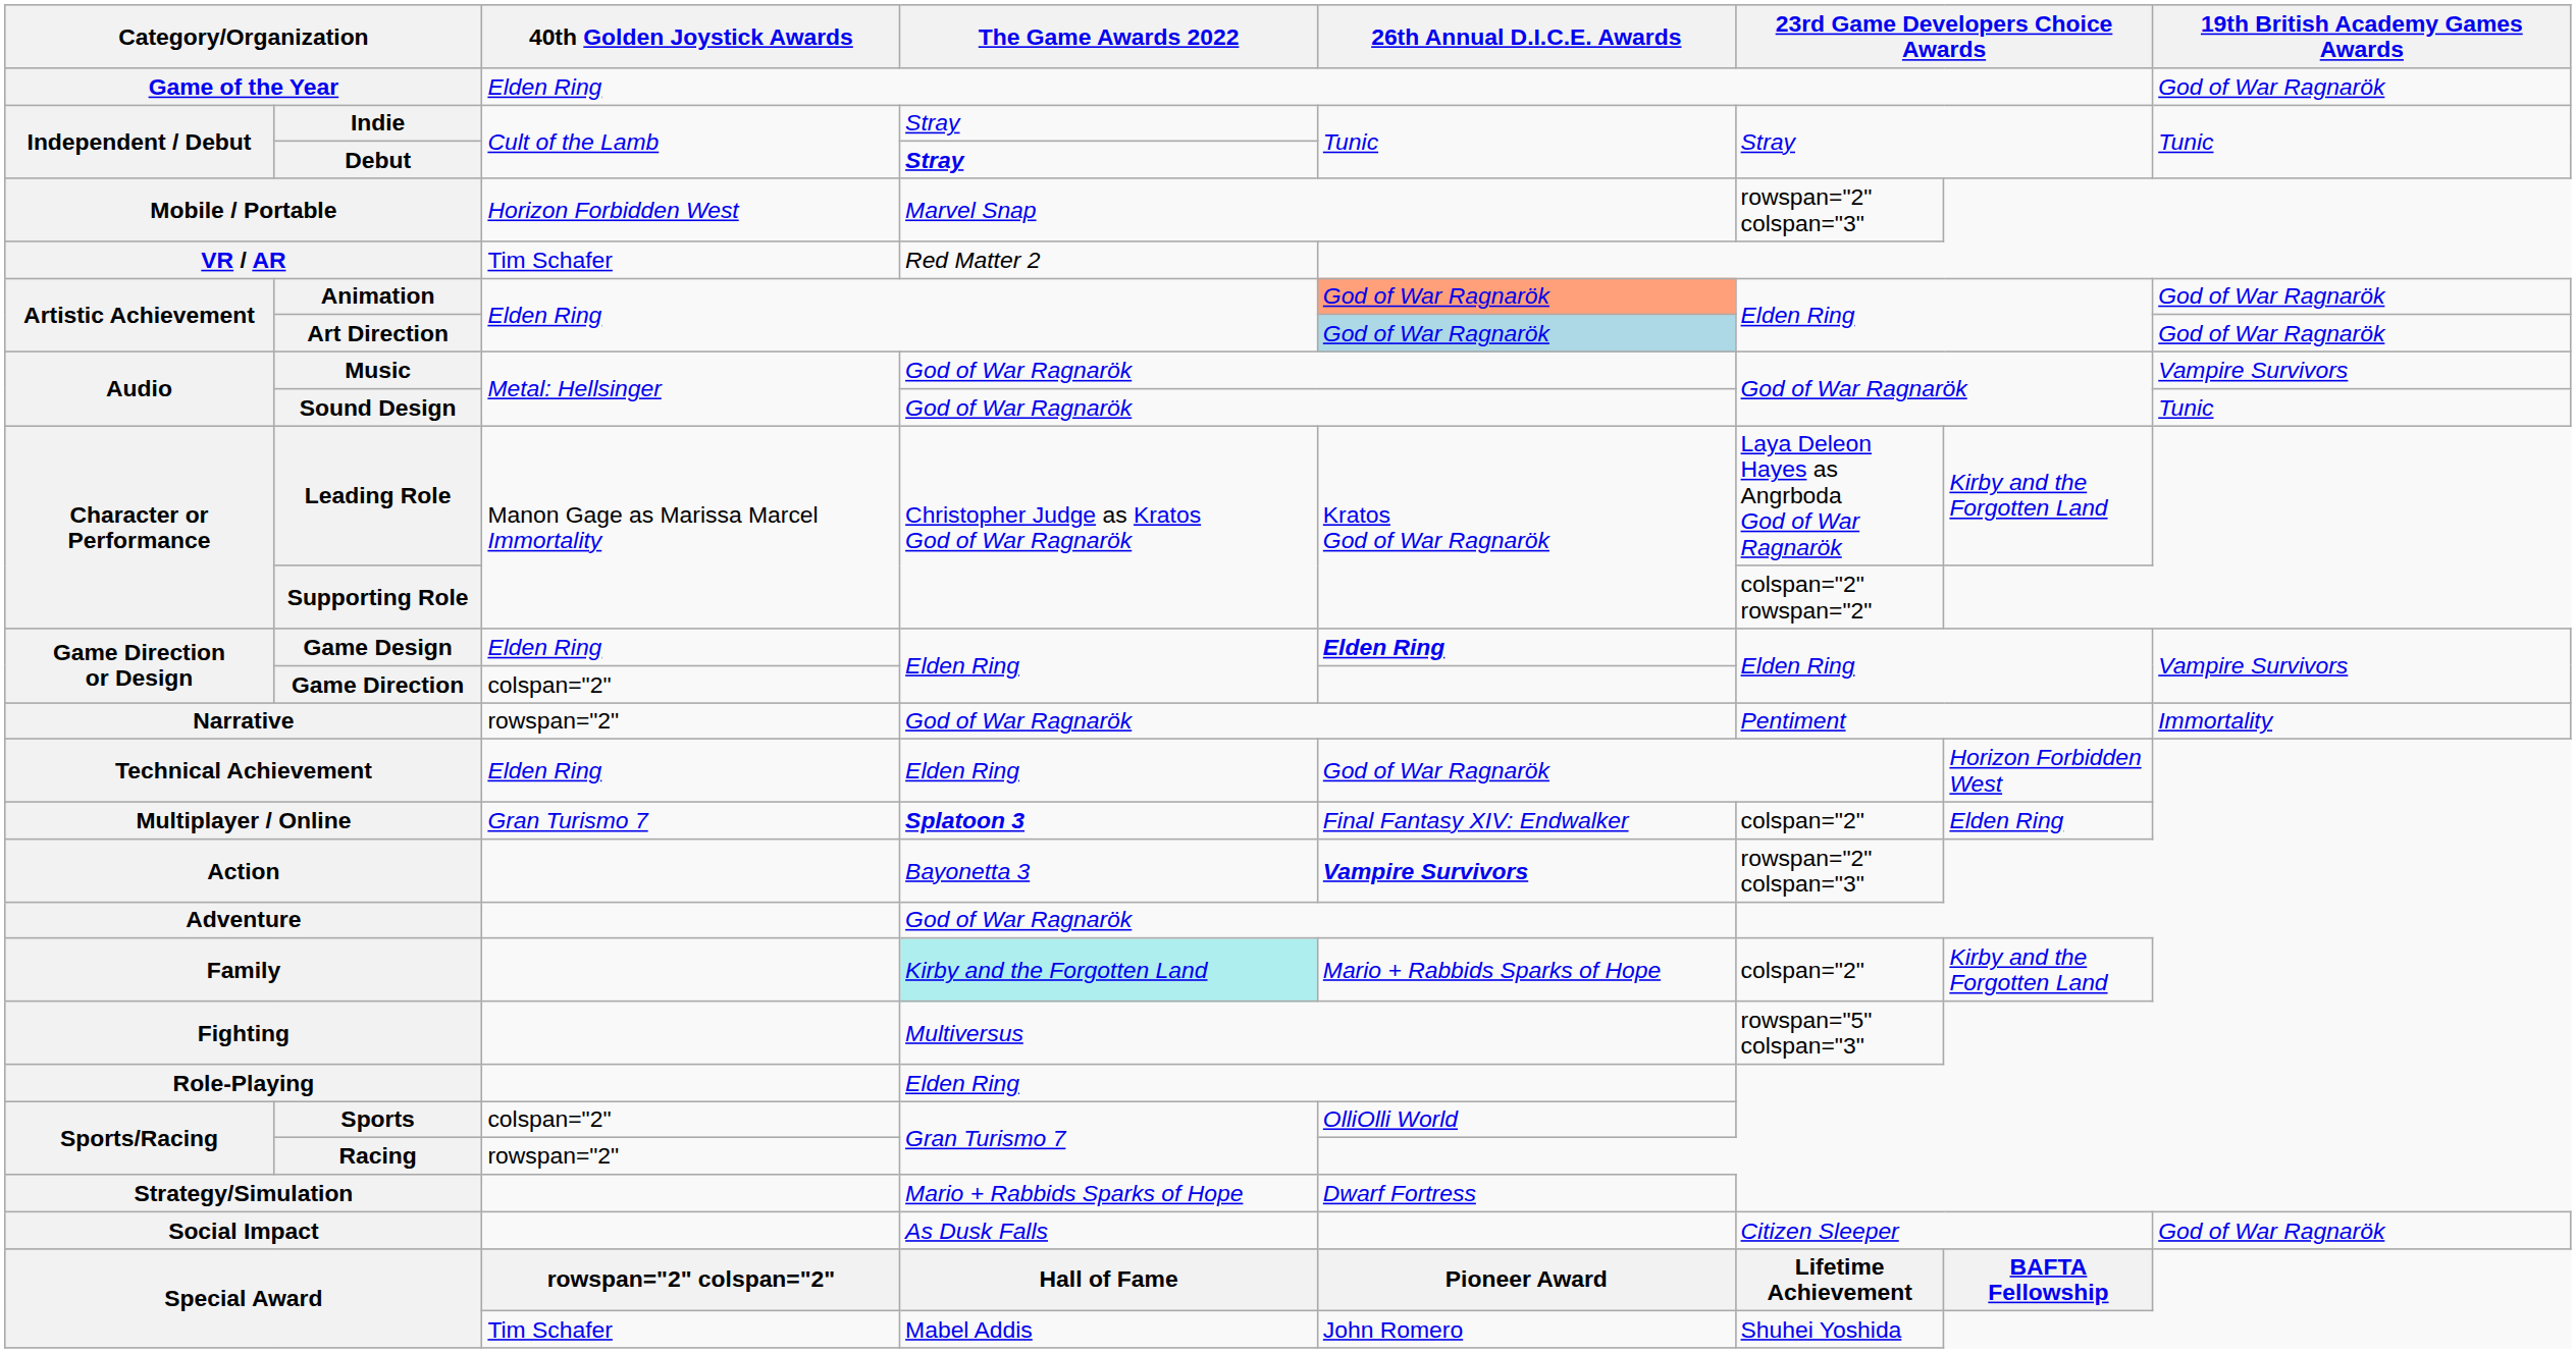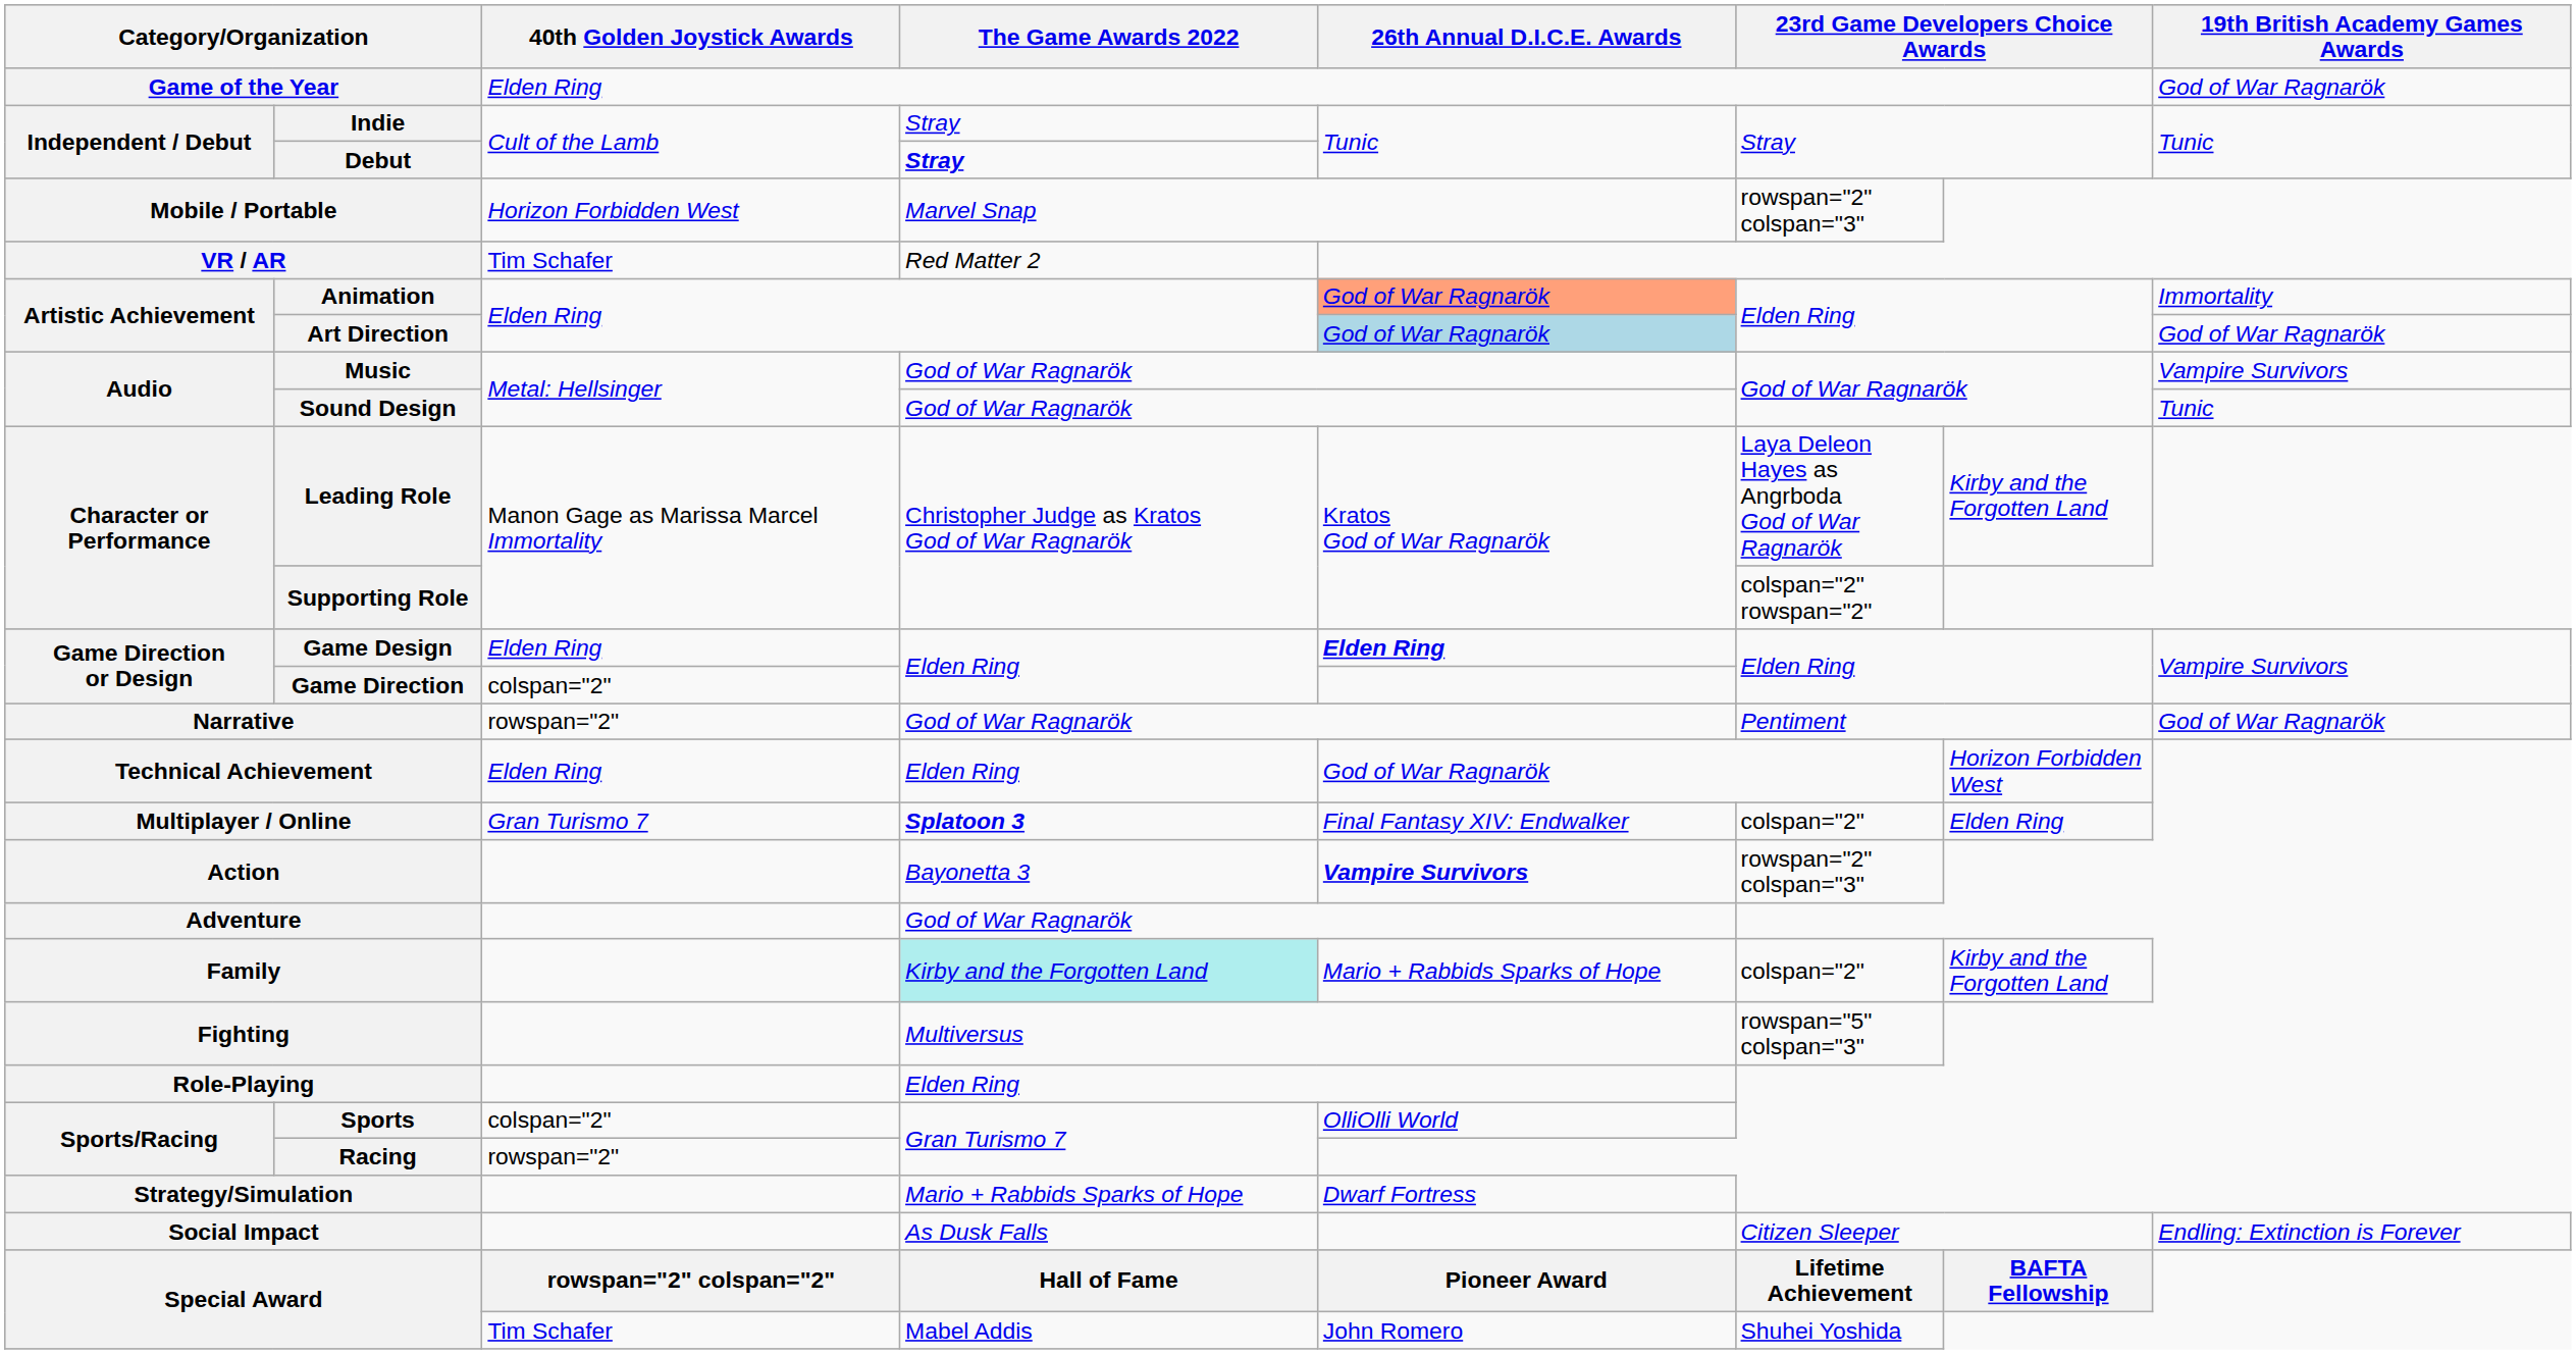 <table class="wikitable" style="border:none; margin:0; width:100%; font-size: 90%;">
 <tr>
 <th colspan="2" style="width:16%;">Category/Organization</th>
 <th ! style="width:14%;">40th <a href='#'>Golden Joystick Awards</a><br></th>
 <th style="width:14%;"><a href='#'>The Game Awards 2022</a><br></th>
 <th ! style="width:14%;"><a href='#'>26th Annual D.I.C.E. Awards</a><br></th>
 <th ! colspan="2" style="width:14%;"><a href='#'>23rd Game Developers Choice Awards</a><br></th>
 <th ! style="width:14%;"><a href='#'>19th British Academy Games Awards</a><br></th>
 </tr>
 <tr>
 <th scope="row" colspan="2"><a href='#'>Game of the Year</a></th>
 <td colspan="5"><em><a href='#'>Elden Ring</a></em></td>
 <td><em><a href='#'>God of War Ragnarök</a></em></td>
 </tr>
 <tr>
 <th scope="row"  rowspan="2" style="width:9%;">Independent / Debut</th>
 <th>Indie</th>
 <td rowspan="2"><em><a href='#'>Cult of the Lamb</a></em></td>
 <td><em><a href='#'>Stray</a></em></td>
 <td rowspan="2"><em><a href='#'>Tunic</a></em></td>
 <td rowspan="2" colspan="2"><em><a href='#'>Stray</a></em></td>
 <td rowspan="2"><em><a href='#'>Tunic</a></em></td>
 </tr>
 <tr>
 <th scope="row">Debut</th>
 <td><strong><em><a href='#'>Stray</a></em></strong></td>
 </tr>
 <tr>
 <th scope="row" colspan="2">Mobile / Portable</th>
 <td><em><a href='#'>Horizon Forbidden West</a></em></td>
 <td colspan="2"><em><a href='#'>Marvel Snap</a></em></td>
 <td>rowspan="2" colspan="3" </td>
 </tr>
 <tr>
 <th scope="row" colspan="2"><a href='#'>VR</a> / <a href='#'>AR</a></th>
 <td><a href='#'>Tim Schafer</a></td>
 <td><em>Red Matter 2</em></td>
 </tr>
 <tr>
 <th scope="row" rowspan="2" style="width:9%;">Artistic Achievement</th>
 <th>Animation</th>
 <td rowspan="2" colspan="2"><em><a href='#'>Elden Ring</a></em></td>
 <td style="background: lightsalmon;"><em><a href='#'>God of War Ragnarök</a></em></td>
 <td rowspan="2" colspan="2"><em><a href='#'>Elden Ring</a></em></td>
-<td><em><a href='#'>God of War Ragnarök</a></em></td>
+<td><em><a href='#'>Immortality</a></em></td>
 </tr>
 <tr>
 <th scope="row">Art Direction</th>
 <td style="background: lightblue;"><em><a href='#'>God of War Ragnarök</a></em></td>
 <td><em><a href='#'>God of War Ragnarök</a></em></td>
 </tr>
 <tr>
 <th scope="row" rowspan="2" style="width:9%;">Audio</th>
 <th>Music</th>
 <td rowspan="2"><em><a href='#'>Metal: Hellsinger</a></em></td>
 <td colspan="2"><em><a href='#'>God of War Ragnarök</a></em></td>
 <td rowspan="2" colspan="2"><em><a href='#'>God of War Ragnarök</a></em></td>
 <td><em><a href='#'>Vampire Survivors</a></em></td>
 </tr>
 <tr>
 <th scope="row">Sound Design</th>
 <td colspan="2"><em><a href='#'>God of War Ragnarök</a></em></td>
 <td><em><a href='#'>Tunic</a></em></td>
 </tr>
 <tr>
 <th scope="row" rowspan="2">Character or Performance</th>
 <th>Leading Role</th>
 <td rowspan="2">Manon Gage as Marissa Marcel<br><em><a href='#'>Immortality</a></em></td>
 <td rowspan="2"><a href='#'>Christopher Judge</a> as <a href='#'>Kratos</a><br><em><a href='#'>God of War Ragnarök</a></em></td>
 <td rowspan="2"><a href='#'>Kratos</a><br><em><a href='#'>God of War Ragnarök</a></em></td>
 <td><a href='#'>Laya Deleon Hayes</a> as Angrboda<br><em><a href='#'>God of War Ragnarök</a></em></td>
 <td><em><a href='#'>Kirby and the Forgotten Land</a></em></td>
 </tr>
 <tr>
 <th scope="row">Supporting Role</th>
 <td>colspan="2" rowspan="2" </td>
 </tr>
 <tr>
 <th scope="row" rowspan="2">Game Direction <br>or Design</th>
 <th>Game Design</th>
 <td><em><a href='#'>Elden Ring</a></em></td>
 <td rowspan="2"><em><a href='#'>Elden Ring</a></em></td>
 <td><strong><em><a href='#'>Elden Ring</a></em></strong></td>
 <td rowspan="2" colspan="2"><em><a href='#'>Elden Ring</a></em></td>
 <td rowspan="2"><em><a href='#'>Vampire Survivors</a></em></td>
 </tr>
 <tr>
 <th scope="row">Game Direction</th>
 <td>colspan="2" </td>
 </tr>
 <tr>
 <th scope="row" colspan="2">Narrative</th>
 <td>rowspan="2" </td>
 <td colspan="2"><em><a href='#'>God of War Ragnarök</a></em></td>
 <td colspan="2"><em><a href='#'>Pentiment</a></em></td>
-<td><em><a href='#'>Immortality</a></em></td>
+<td><em><a href='#'>God of War Ragnarök</a></em></td>
 </tr>
 <tr>
 <th scope="row" colspan="2">Technical Achievement</th>
 <td><em><a href='#'>Elden Ring</a></em></td>
 <td><em><a href='#'>Elden Ring</a></em></td>
 <td colspan="2"><em><a href='#'>God of War Ragnarök</a></em></td>
 <td><em><a href='#'>Horizon Forbidden West</a></em></td>
 </tr>
 <tr>
 <th scope="row" colspan="2">Multiplayer / Online</th>
 <td><em><a href='#'>Gran Turismo 7</a></em></td>
 <td><strong><em><a href='#'>Splatoon 3</a></em></strong></td>
 <td><em><a href='#'>Final Fantasy XIV: Endwalker</a></em></td>
 <td>colspan="2" </td>
 <td><em><a href='#'>Elden Ring</a></em></td>
 </tr>
 <tr>
 <th scope="row" colspan="2">Action</th>
 <td></td>
 <td><em><a href='#'>Bayonetta 3</a></em></td>
 <td><strong><em><a href='#'>Vampire Survivors</a></em></strong></td>
 <td>rowspan="2" colspan="3" </td>
 </tr>
 <tr>
 <th scope="row" colspan="2">Adventure</th>
 <td></td>
 <td colspan="2"><em><a href='#'>God of War Ragnarök</a></em></td>
 </tr>
 <tr>
 <th scope="row" colspan="2">Family</th>
 <td></td>
 <td style="background: paleturquoise;"><em><a href='#'>Kirby and the Forgotten Land</a></em></td>
 <td><em><a href='#'>Mario + Rabbids Sparks of Hope</a></em></td>
 <td>colspan="2" </td>
 <td><em><a href='#'>Kirby and the Forgotten Land</a></em></td>
 </tr>
 <tr>
 <th scope="row" colspan="2">Fighting</th>
 <td></td>
 <td colspan="2"><em><a href='#'>Multiversus</a></em></td>
 <td>rowspan="5" colspan="3" </td>
 </tr>
 <tr>
 <th scope="row" colspan="2">Role-Playing</th>
 <td></td>
 <td colspan="2"><em><a href='#'>Elden Ring</a></em></td>
 </tr>
 <tr>
 <th scope="row" rowspan="2">Sports/Racing</th>
 <th>Sports</th>
 <td>colspan="2" </td>
 <td rowspan="2"><em><a href='#'>Gran Turismo 7</a></em></td>
 <td><em><a href='#'>OlliOlli World</a></em></td>
 </tr>
 <tr>
 <th>Racing</th>
 <td>rowspan="2" </td>
 </tr>
 <tr>
 <th scope="row" colspan="2">Strategy/Simulation</th>
 <td></td>
 <td><em><a href='#'>Mario + Rabbids Sparks of Hope</a></em></td>
 <td><em><a href='#'>Dwarf Fortress</a></em></td>
 </tr>
 <tr>
 <th scope="row" colspan="2">Social Impact</th>
 <td></td>
 <td><em><a href='#'>As Dusk Falls</a></em></td>
 <td></td>
 <td colspan="2"><em><a href='#'>Citizen Sleeper</a></em></td>
-<td><em><a href='#'>God of War Ragnarök</a></em></td>
+<td><em><a href='#'>Endling: Extinction is Forever</a></em></td>
 </tr>
 <tr>
 <th scope="row" rowspan="2" colspan="2">Special Award</th>
 <th>rowspan="2" colspan="2" </th>
 <th>Hall of Fame</th>
 <th width=7%>Pioneer Award</th>
 <th width=7%>Lifetime Achievement</th>
 <th><a href='#'>BAFTA Fellowship</a></th>
 </tr>
 <tr>
 <td><a href='#'>Tim Schafer</a></td>
 <td><a href='#'>Mabel Addis</a></td>
 <td><a href='#'>John Romero</a></td>
 <td><a href='#'>Shuhei Yoshida</a></td>
 </tr>
 </table>
